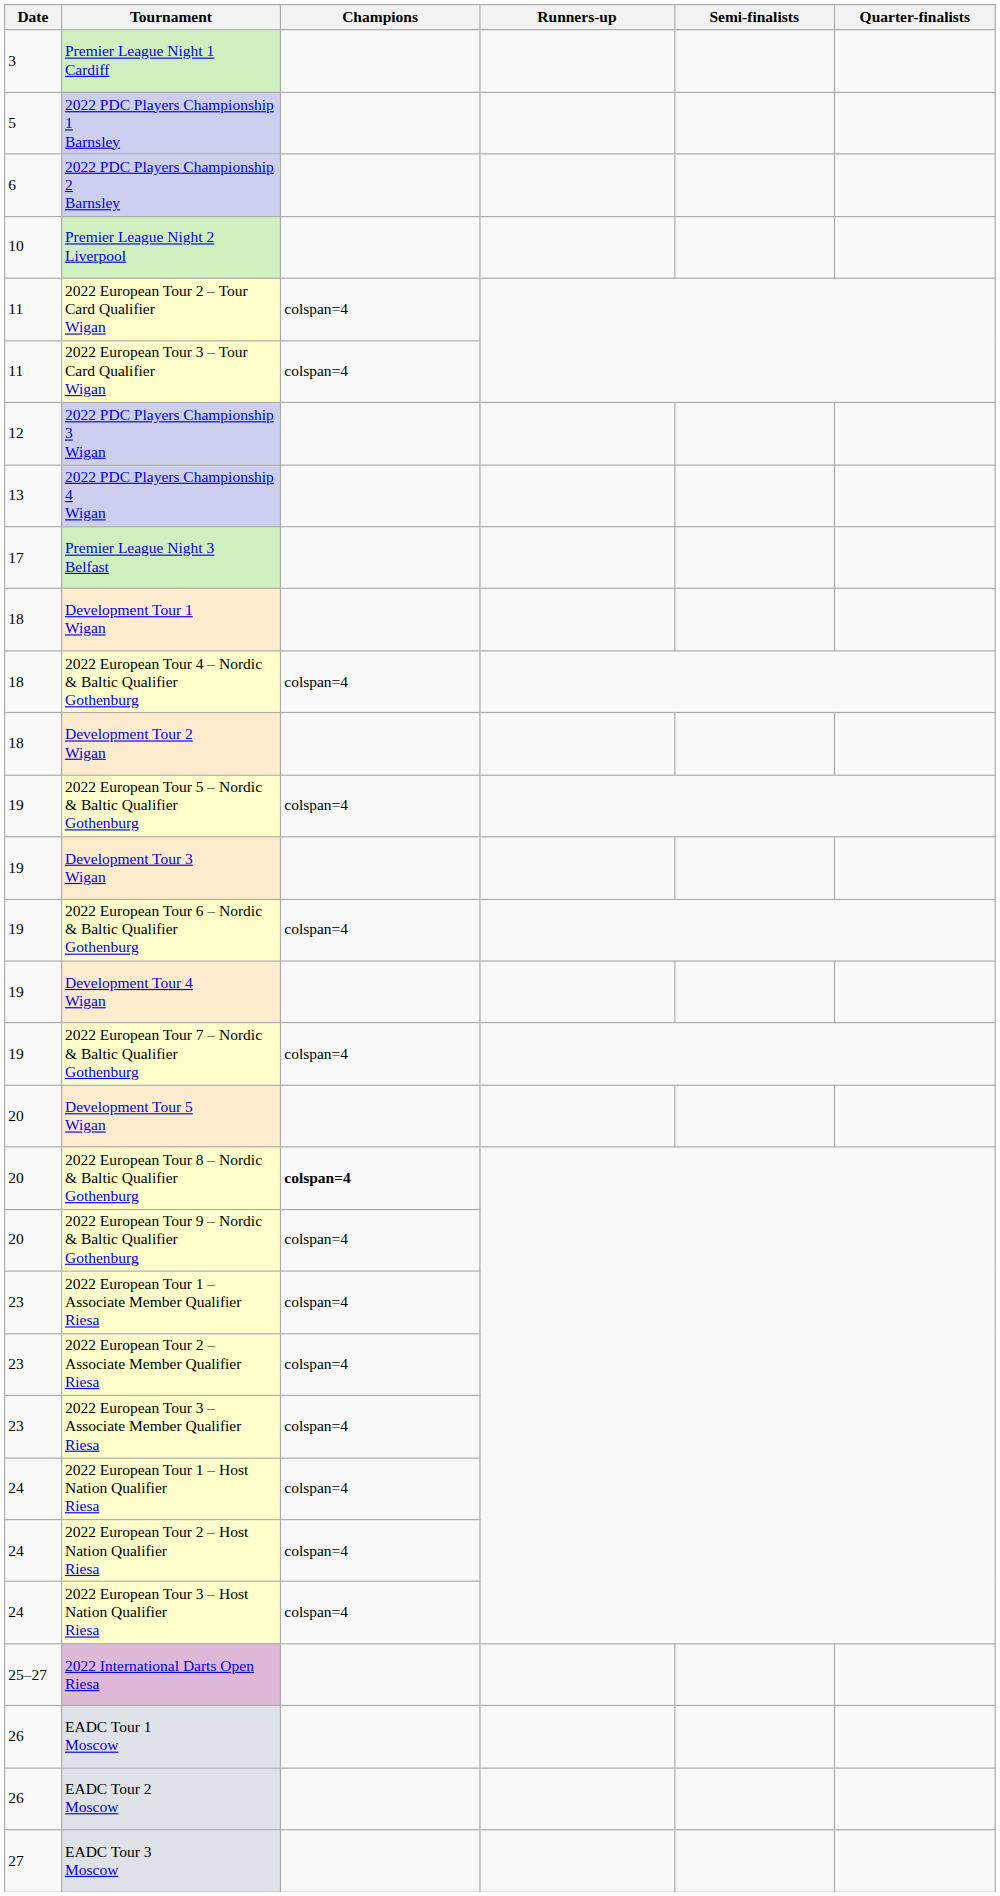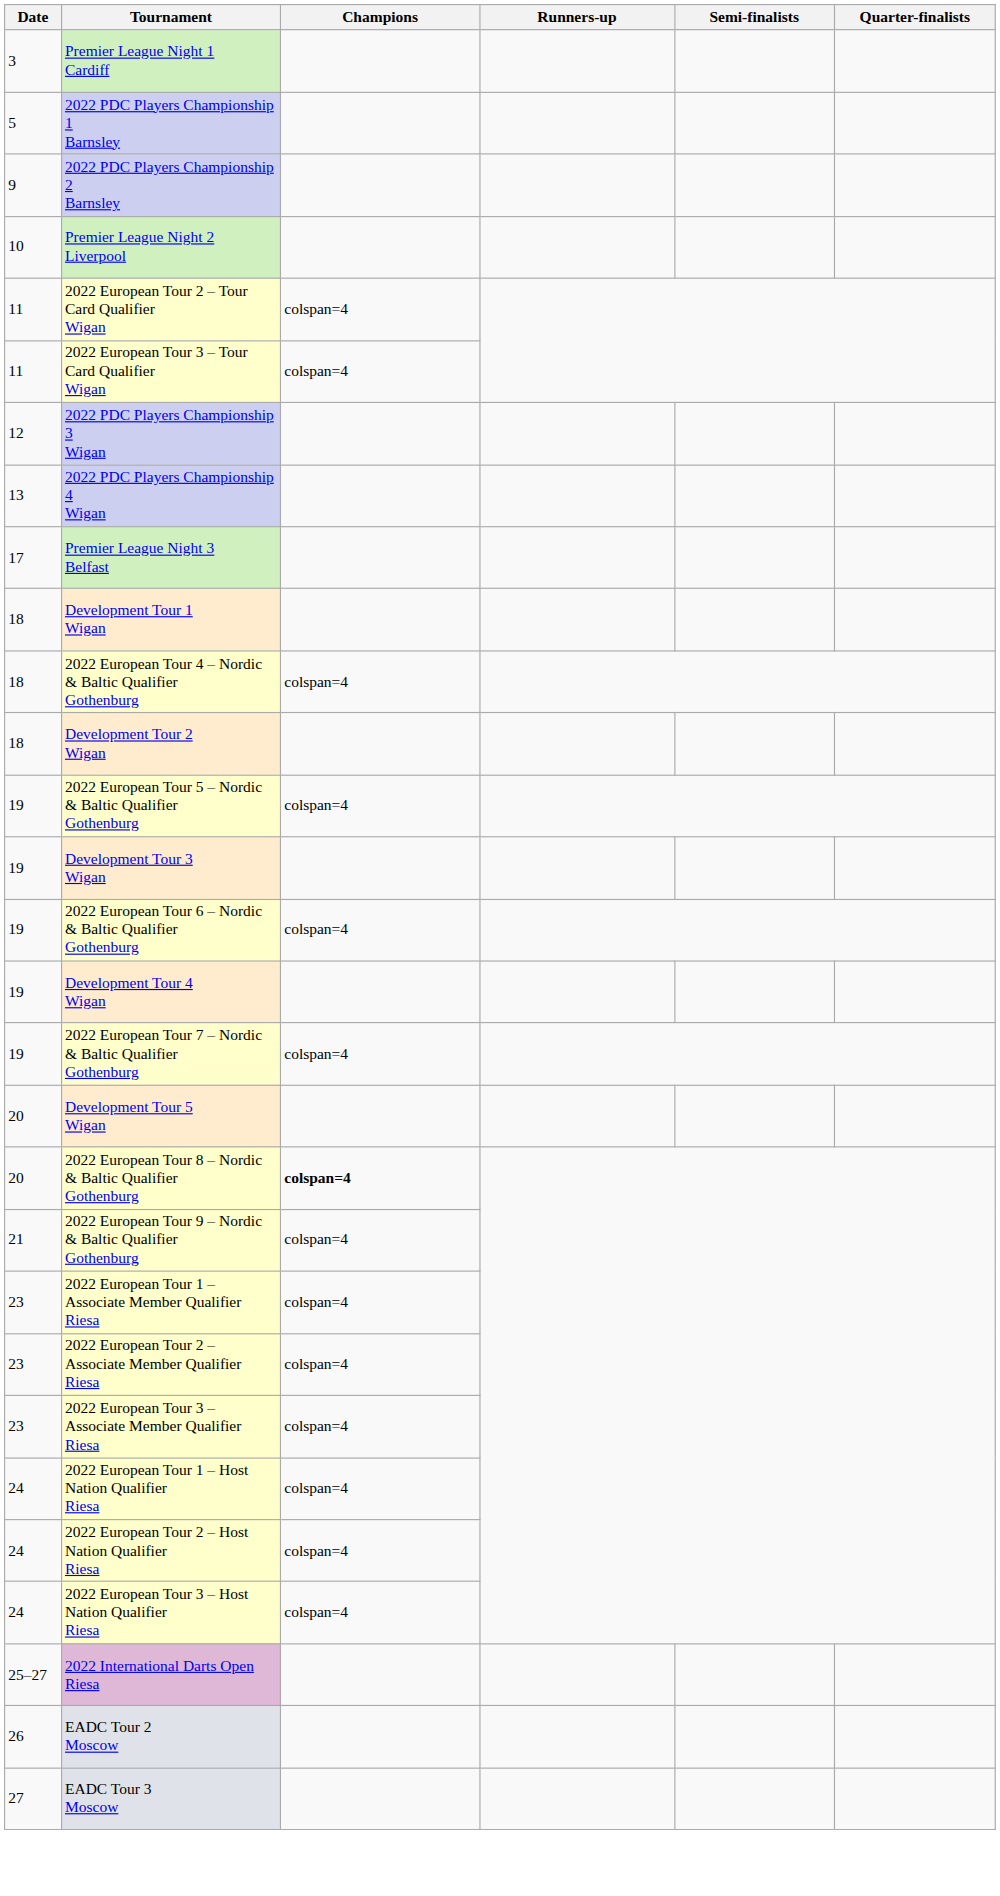 <table class=wikitable style=font-size:85%>
 <tr>
 <th width=50>Date</th>
 <th width=230>Tournament</th>
 <th width=210>Champions</th>
 <th width=210>Runners-up</th>
 <th width=170>Semi-finalists</th>
 <th width=170>Quarter-finalists</th>
 </tr>
 <tr>
 <td>3</td>
 <td bgcolor="d0f0c0"><a href='#'>Premier League Night 1</a> <br> <a href='#'>Cardiff</a></td>
 <td></td>
 <td></td>
 <td> <br> </td>
 <td> <br>  <br>  <br> </td>
 </tr>
 <tr>
 <td>5</td>
 <td bgcolor="#ccccfff"><a href='#'>2022 PDC Players Championship 1</a> <br>  <a href='#'>Barnsley</a></td>
 <td></td>
 <td></td>
 <td> <br> </td>
 <td> <br>  <br>  <br> </td>
 </tr>
 <tr>
-<td>6</td>
+<td>9</td>
 <td bgcolor="#ccccfff"><a href='#'>2022 PDC Players Championship 2</a> <br>  <a href='#'>Barnsley</a></td>
 <td></td>
 <td></td>
 <td> <br> </td>
 <td> <br>  <br>  <br> </td>
 </tr>
 <tr>
 <td>10</td>
 <td bgcolor="d0f0c0"><a href='#'>Premier League Night 2</a> <br> <a href='#'>Liverpool</a></td>
 <td></td>
 <td></td>
 <td> <br> </td>
 <td> <br>  <br>  <br> </td>
 </tr>
 <tr>
 <td>11</td>
 <td bgcolor="ffffcc">2022 European Tour 2 – Tour Card Qualifier <br> <a href='#'>Wigan</a></td>
 <td>colspan=4 </td>
 </tr>
 <tr>
 <td>11</td>
 <td bgcolor="ffffcc">2022 European Tour 3 – Tour Card Qualifier <br> <a href='#'>Wigan</a></td>
 <td>colspan=4 </td>
 </tr>
 <tr>
 <td>12</td>
 <td bgcolor="#ccccfff"><a href='#'>2022 PDC Players Championship 3</a> <br>  <a href='#'>Wigan</a></td>
 <td></td>
 <td></td>
 <td> <br> </td>
 <td> <br>  <br>  <br> </td>
 </tr>
 <tr>
 <td>13</td>
 <td bgcolor="#ccccfff"><a href='#'>2022 PDC Players Championship 4</a> <br>  <a href='#'>Wigan</a></td>
 <td></td>
 <td></td>
 <td> <br> </td>
 <td> <br>  <br>  <br> </td>
 </tr>
 <tr>
 <td>17</td>
 <td bgcolor="d0f0c0"><a href='#'>Premier League Night 3</a> <br> <a href='#'>Belfast</a></td>
 <td></td>
 <td></td>
 <td> <br> </td>
 <td> <br>  <br>  <br> </td>
 </tr>
 <tr>
 <td>18</td>
 <td bgcolor="#ffebcd"><a href='#'>Development Tour 1</a> <br>  <a href='#'>Wigan</a></td>
 <td></td>
 <td></td>
 <td> <br> </td>
 <td> <br>  <br>  <br> </td>
 </tr>
 <tr>
 <td>18</td>
 <td bgcolor="ffffcc">2022 European Tour 4 – Nordic & Baltic Qualifier <br> <a href='#'>Gothenburg</a></td>
 <td>colspan=4 </td>
 </tr>
 <tr>
 <td>18</td>
 <td bgcolor="#ffebcd"><a href='#'>Development Tour 2</a> <br>  <a href='#'>Wigan</a></td>
 <td></td>
 <td></td>
 <td> <br> </td>
 <td> <br>  <br>  <br> </td>
 </tr>
 <tr>
 <td>19</td>
 <td bgcolor="ffffcc">2022 European Tour 5 – Nordic & Baltic Qualifier <br> <a href='#'>Gothenburg</a></td>
 <td>colspan=4 </td>
 </tr>
 <tr>
 <td>19</td>
 <td bgcolor="#ffebcd"><a href='#'>Development Tour 3</a> <br>  <a href='#'>Wigan</a></td>
 <td></td>
 <td></td>
 <td> <br> </td>
 <td> <br>  <br>  <br> </td>
 </tr>
 <tr>
 <td>19</td>
 <td bgcolor="ffffcc">2022 European Tour 6 – Nordic & Baltic Qualifier <br> <a href='#'>Gothenburg</a></td>
 <td>colspan=4 </td>
 </tr>
 <tr>
 <td>19</td>
 <td bgcolor="#ffebcd"><a href='#'>Development Tour 4</a> <br>  <a href='#'>Wigan</a></td>
 <td></td>
 <td></td>
 <td> <br> </td>
 <td> <br>  <br>  <br> </td>
 </tr>
 <tr>
 <td>19</td>
 <td bgcolor="ffffcc">2022 European Tour 7 – Nordic & Baltic Qualifier <br> <a href='#'>Gothenburg</a></td>
 <td>colspan=4 </td>
 </tr>
 <tr>
 <td>20</td>
 <td bgcolor="#ffebcd"><a href='#'>Development Tour 5</a> <br>  <a href='#'>Wigan</a></td>
 <td></td>
 <td></td>
 <td> <br> </td>
 <td> <br>  <br>  <br> </td>
 </tr>
 <tr>
 <td>20</td>
 <td bgcolor="ffffcc">2022 European Tour 8 – Nordic & Baltic Qualifier <br> <a href='#'>Gothenburg</a></td>
 <td><strong>colspan=4 </strong></td>
 </tr>
 <tr>
-<td>20</td>
+<td>21</td>
 <td bgcolor="ffffcc">2022 European Tour 9 – Nordic & Baltic Qualifier <br> <a href='#'>Gothenburg</a></td>
 <td>colspan=4 </td>
 </tr>
 <tr>
 <td>23</td>
 <td bgcolor="ffffcc">2022 European Tour 1 – Associate Member Qualifier <br> <a href='#'>Riesa</a></td>
 <td>colspan=4 </td>
 </tr>
 <tr>
 <td>23</td>
 <td bgcolor="ffffcc">2022 European Tour 2 – Associate Member Qualifier <br> <a href='#'>Riesa</a></td>
 <td>colspan=4 </td>
 </tr>
 <tr>
 <td>23</td>
 <td bgcolor="ffffcc">2022 European Tour 3 – Associate Member Qualifier <br> <a href='#'>Riesa</a></td>
 <td>colspan=4 </td>
 </tr>
 <tr>
 <td>24</td>
 <td bgcolor="ffffcc">2022 European Tour 1 – Host Nation Qualifier <br> <a href='#'>Riesa</a></td>
 <td>colspan=4 </td>
 </tr>
 <tr>
 <td>24</td>
 <td bgcolor="ffffcc">2022 European Tour 2 – Host Nation Qualifier <br> <a href='#'>Riesa</a></td>
 <td>colspan=4 </td>
 </tr>
 <tr>
 <td>24</td>
 <td bgcolor="ffffcc">2022 European Tour 3 – Host Nation Qualifier <br> <a href='#'>Riesa</a></td>
 <td>colspan=4 </td>
 </tr>
 <tr>
 <td>25–27</td>
 <td bgcolor="#dfb8d8"><a href='#'>2022 International Darts Open</a> <br>  <a href='#'>Riesa</a></td>
 <td></td>
 <td></td>
 <td> <br> </td>
 <td> <br>  <br>  <br> </td>
 </tr>
 <tr>
 <td>26</td>
-<td bgcolor="#dfe2e9">EADC Tour 1 <br>  <a href='#'>Moscow</a></td>
-<td></td>
-<td></td>
-<td> <br> </td>
-<td> <br>  <br>  <br> </td>
-</tr>
-<tr>
-<td>26</td>
 <td bgcolor="#dfe2e9">EADC Tour 2 <br>  <a href='#'>Moscow</a></td>
 <td></td>
 <td></td>
 <td> <br> </td>
 <td> <br>  <br>  <br> </td>
 </tr>
 <tr>
 <td>27</td>
 <td bgcolor="#dfe2e9">EADC Tour 3 <br>  <a href='#'>Moscow</a></td>
 <td></td>
 <td></td>
 <td> <br> </td>
 <td> <br>  <br>  <br> </td>
 </tr>
 <tr>
 </tr>
 </table>
